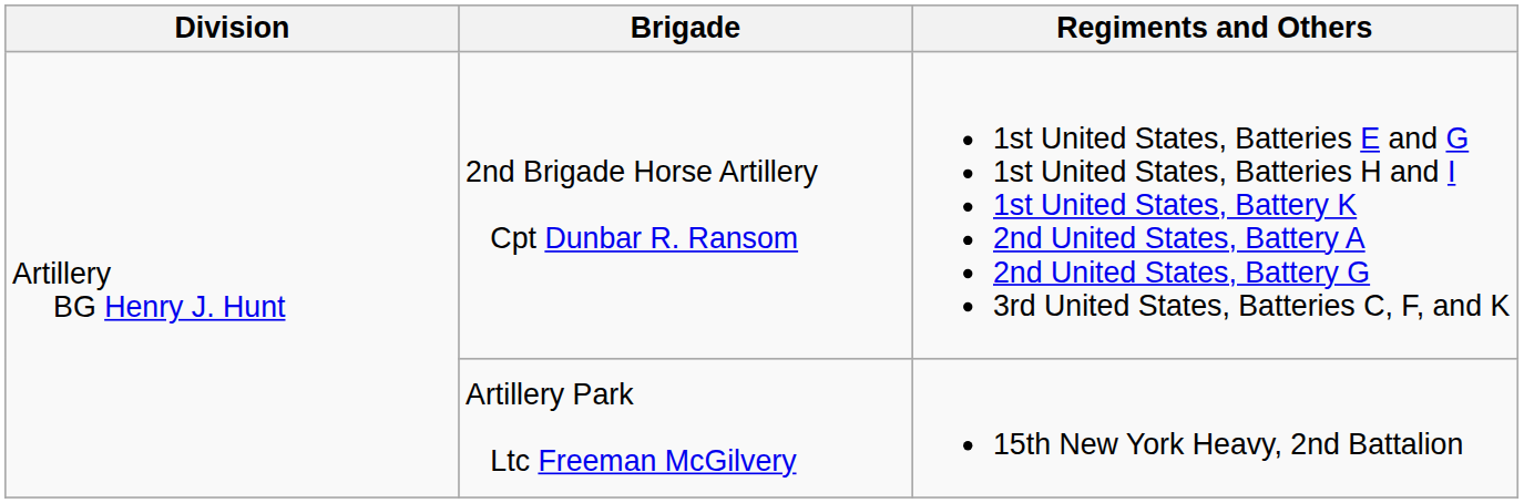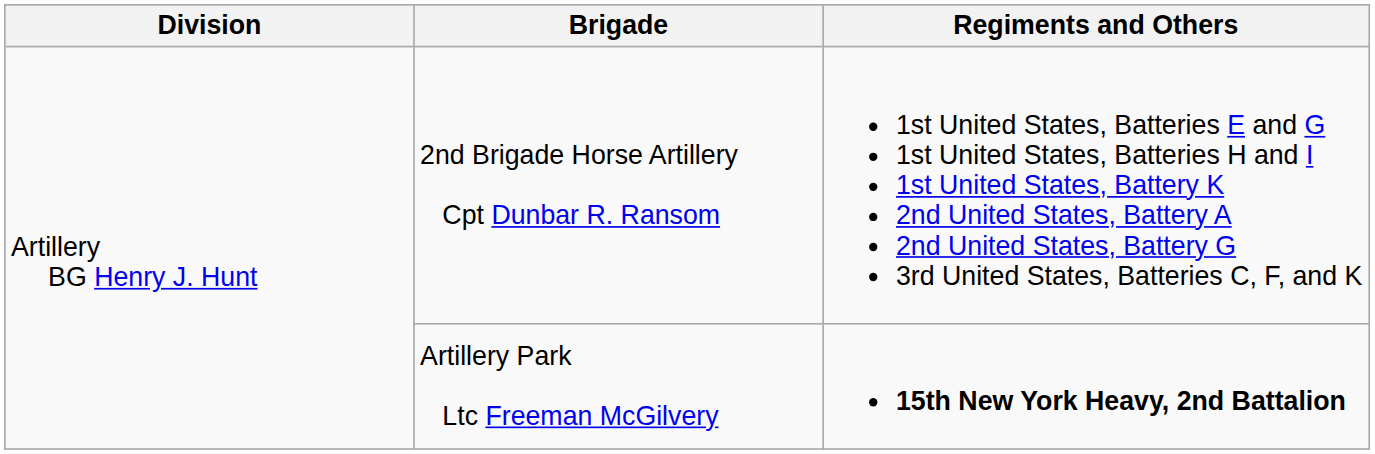 <table class="wikitable">
 <tr>
 <th width=30%>Division</th>
 <th width=30%>Brigade</th>
 <th>Regiments and Others</th>
 </tr>
 <tr>
 <td rowspan=2><br>Artillery <br>     BG <a href='#'>Henry J. Hunt</a></td>
 <td>2nd Brigade Horse Artillery<br><br>   Cpt <a href='#'>Dunbar R. Ransom</a></td>
 <td><br><ul><li>1st United States, Batteries <a href='#'>E</a> and <a href='#'>G</a></li><li>1st United States, Batteries H and <a href='#'>I</a></li><li><a href='#'>1st United States, Battery K</a></li><li><a href='#'>2nd United States, Battery A</a></li><li><a href='#'>2nd United States, Battery G</a></li><li>3rd United States, Batteries C, F, and K</li></ul></td>
 </tr>
 <tr>
 <td>Artillery Park<br><br>   Ltc <a href='#'>Freeman McGilvery</a></td>
-<td><br><ul><li>15th New York Heavy, 2nd Battalion</li></ul></td>
+<td><strong><br><ul><li>15th New York Heavy, 2nd Battalion</li></ul></strong></td>
 </tr>
 </table>
